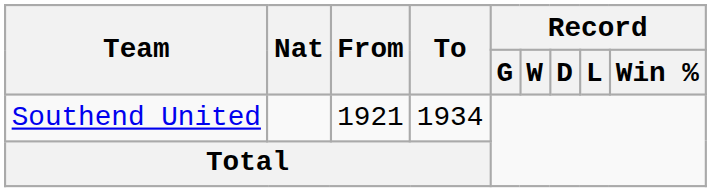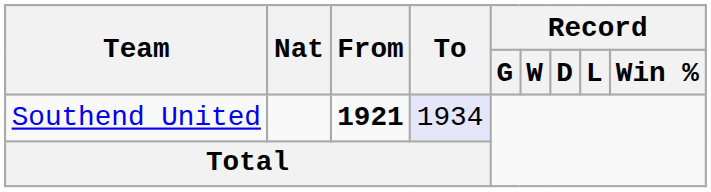 <table class="wikitable" style="text-align: center">
 <tr>
 <th rowspan="2">Team</th>
 <th rowspan="2">Nat</th>
 <th rowspan="2">From</th>
 <th rowspan="2">To</th>
 <th colspan="5">Record</th>
 </tr>
 <tr>
 <th>G</th>
 <th>W</th>
 <th>D</th>
 <th>L</th>
 <th>Win %</th>
 </tr>
 <tr>
 <td align=left><a href='#'>Southend United</a></td>
 <td></td>
-<td align=left>1921</td>
-<td align=left>1934<br></td>
+<td align=left><strong>1921</strong></td>
+<td align=left style="background: lavender;">1934<br></td>
 </tr>
 <tr>
 <th style="text-align:center;" colspan="4">Total<br></th>
 </tr>
 </table>
